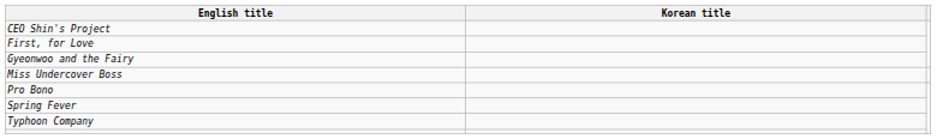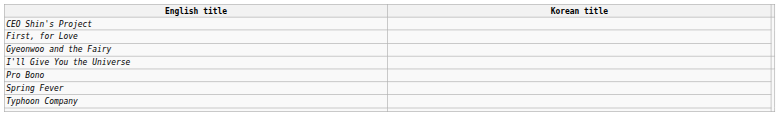 <table class="wikitable sortable" width="100%">
 <tr>
 <th style="width:50%">English title</th>
 <th style="width:50%">Korean title</th>
 <th class="unsortable"></th>
 </tr>
 <tr>
 <td><em>CEO Shin's Project</em></td>
 <td></td>
 <td rowspan=3></td>
 </tr>
 <tr>
 <td><em>First, for Love</em></td>
 <td></td>
 </tr>
 <tr>
 <td><em>Gyeonwoo and the Fairy</em></td>
 <td></td>
 </tr>
 <tr>
-<td><em>Miss Undercover Boss</em></td>
+<td><em>I'll Give You the Universe</em></td>
 <td></td>
 <td></td>
 </tr>
 <tr>
 <td><em>Pro Bono</em></td>
 <td></td>
 <td rowspan=4></td>
 </tr>
 <tr>
 <td><em>Spring Fever</em></td>
 <td></td>
 </tr>
 <tr>
 <td><em>Typhoon Company</em></td>
 <td></td>
 </tr>
 <tr>
 <td><em></em></td>
 <td></td>
 </tr>
 </table>
